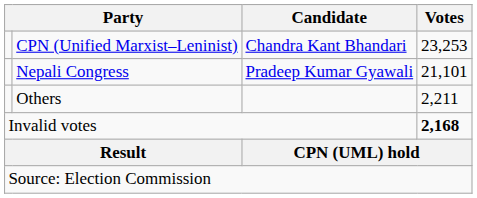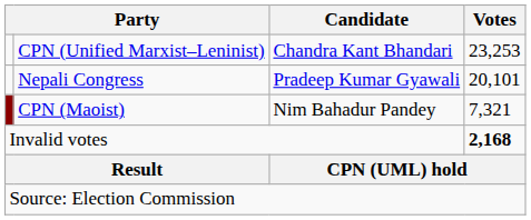 <table class="wikitable">
 <tr>
 <th colspan="2">Party</th>
 <th>Candidate</th>
 <th>Votes</th>
 </tr>
 <tr>
 <td style="background-color:"></td>
 <td><a href='#'>CPN (Unified Marxist–Leninist)</a></td>
 <td><a href='#'>Chandra Kant Bhandari</a></td>
 <td>23,253</td>
 </tr>
 <tr>
 <td style="background-color:"></td>
 <td><a href='#'>Nepali Congress</a></td>
 <td><a href='#'>Pradeep Kumar Gyawali</a></td>
-<td>21,101</td>
+<td>20,101</td>
 </tr>
 <tr>
-<td></td>
-<td>Others</td>
-<td></td>
-<td>2,211</td>
+<td style="background-color:darkred"></td>
+<td><a href='#'>CPN (Maoist)</a></td>
+<td>Nim Bahadur Pandey</td>
+<td>7,321</td>
 </tr>
 <tr>
 <td colspan="3">Invalid votes</td>
 <td><strong>2,168</strong></td>
 </tr>
 <tr>
 <th colspan="2">Result</th>
 <th colspan="2">CPN (UML) hold</th>
 </tr>
 <tr>
 <td colspan="4">Source: Election Commission</td>
 </tr>
 </table>
